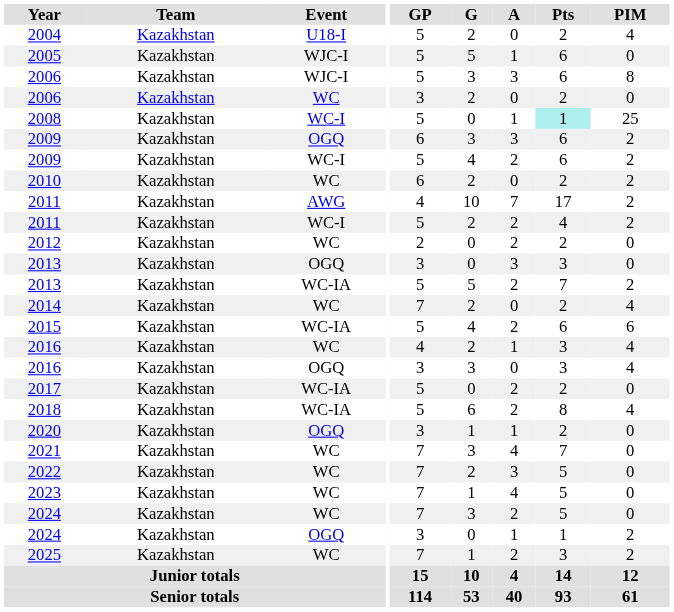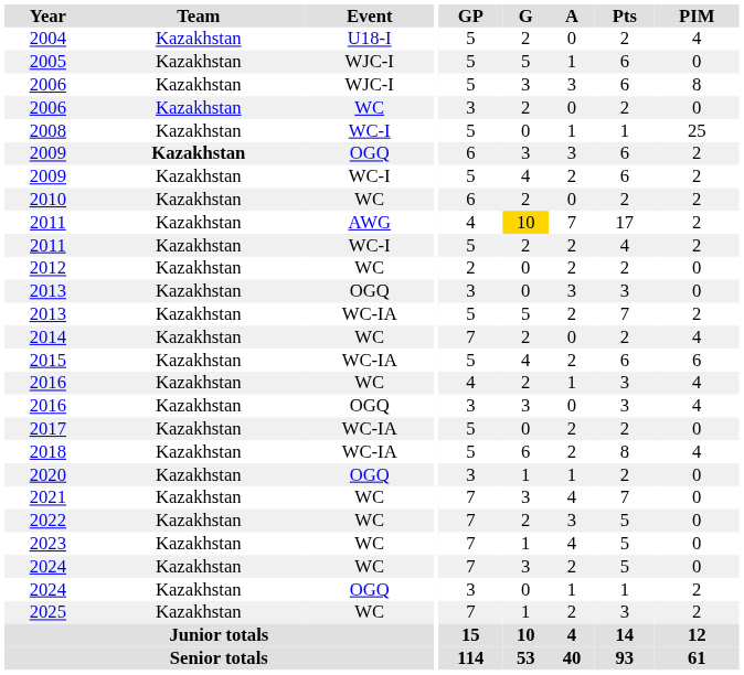 <table border="0" cellpadding="1" cellspacing="0" ID="Table3" style="text-align:center; width:40em">
 <tr ALIGN="center" bgcolor="#e0e0e0">
 <th>Year</th>
 <th>Team</th>
 <th>Event</th>
 <th rowspan="99" bgcolor="#fff"></th>
 <th>GP</th>
 <th>G</th>
 <th>A</th>
 <th>Pts</th>
 <th>PIM</th>
 </tr>
 <tr>
 <td><a href='#'>2004</a></td>
 <td><a href='#'>Kazakhstan</a></td>
 <td><a href='#'>U18-I</a></td>
 <td>5</td>
 <td>2</td>
 <td>0</td>
 <td>2</td>
 <td>4</td>
 </tr>
 <tr bgcolor="#f0f0f0">
 <td><a href='#'>2005</a></td>
 <td>Kazakhstan</td>
 <td>WJC-I</td>
 <td>5</td>
 <td>5</td>
 <td>1</td>
 <td>6</td>
 <td>0</td>
 </tr>
 <tr>
 <td><a href='#'>2006</a></td>
 <td>Kazakhstan</td>
 <td>WJC-I</td>
 <td>5</td>
 <td>3</td>
 <td>3</td>
 <td>6</td>
 <td>8</td>
 </tr>
 <tr bgcolor="#f0f0f0">
 <td><a href='#'>2006</a></td>
 <td><a href='#'>Kazakhstan</a></td>
 <td><a href='#'>WC</a></td>
 <td>3</td>
 <td>2</td>
 <td>0</td>
 <td>2</td>
 <td>0</td>
 </tr>
 <tr>
 <td><a href='#'>2008</a></td>
 <td>Kazakhstan</td>
 <td><a href='#'>WC-I</a></td>
 <td>5</td>
 <td>0</td>
 <td>1</td>
-<td style="background: paleturquoise;">1</td>
+<td>1</td>
 <td>25</td>
 </tr>
 <tr bgcolor="#f0f0f0">
 <td><a href='#'>2009</a></td>
-<td>Kazakhstan</td>
+<td><strong>Kazakhstan</strong></td>
 <td><a href='#'>OGQ</a></td>
 <td>6</td>
 <td>3</td>
 <td>3</td>
 <td>6</td>
 <td>2</td>
 </tr>
 <tr>
 <td><a href='#'>2009</a></td>
 <td>Kazakhstan</td>
 <td>WC-I</td>
 <td>5</td>
 <td>4</td>
 <td>2</td>
 <td>6</td>
 <td>2</td>
 </tr>
 <tr bgcolor="#f0f0f0">
 <td><a href='#'>2010</a></td>
 <td>Kazakhstan</td>
 <td>WC</td>
 <td>6</td>
 <td>2</td>
 <td>0</td>
 <td>2</td>
 <td>2</td>
 </tr>
 <tr>
 <td><a href='#'>2011</a></td>
 <td>Kazakhstan</td>
 <td><a href='#'>AWG</a></td>
 <td>4</td>
-<td>10</td>
+<td style="background: gold;">10</td>
 <td>7</td>
 <td>17</td>
 <td>2</td>
 </tr>
 <tr bgcolor="#f0f0f0">
 <td><a href='#'>2011</a></td>
 <td>Kazakhstan</td>
 <td>WC-I</td>
 <td>5</td>
 <td>2</td>
 <td>2</td>
 <td>4</td>
 <td>2</td>
 </tr>
 <tr>
 <td><a href='#'>2012</a></td>
 <td>Kazakhstan</td>
 <td>WC</td>
 <td>2</td>
 <td>0</td>
 <td>2</td>
 <td>2</td>
 <td>0</td>
 </tr>
 <tr bgcolor="#f0f0f0">
 <td><a href='#'>2013</a></td>
 <td>Kazakhstan</td>
 <td>OGQ</td>
 <td>3</td>
 <td>0</td>
 <td>3</td>
 <td>3</td>
 <td>0</td>
 </tr>
 <tr>
 <td><a href='#'>2013</a></td>
 <td>Kazakhstan</td>
 <td>WC-IA</td>
 <td>5</td>
 <td>5</td>
 <td>2</td>
 <td>7</td>
 <td>2</td>
 </tr>
 <tr bgcolor="#f0f0f0">
 <td><a href='#'>2014</a></td>
 <td>Kazakhstan</td>
 <td>WC</td>
 <td>7</td>
 <td>2</td>
 <td>0</td>
 <td>2</td>
 <td>4</td>
 </tr>
 <tr>
 <td><a href='#'>2015</a></td>
 <td>Kazakhstan</td>
 <td>WC-IA</td>
 <td>5</td>
 <td>4</td>
 <td>2</td>
 <td>6</td>
 <td>6</td>
 </tr>
 <tr bgcolor="#f0f0f0">
 <td><a href='#'>2016</a></td>
 <td>Kazakhstan</td>
 <td>WC</td>
 <td>4</td>
 <td>2</td>
 <td>1</td>
 <td>3</td>
 <td>4</td>
 </tr>
 <tr>
 <td><a href='#'>2016</a></td>
 <td>Kazakhstan</td>
 <td>OGQ</td>
 <td>3</td>
 <td>3</td>
 <td>0</td>
 <td>3</td>
 <td>4</td>
 </tr>
 <tr bgcolor="#f0f0f0">
 <td><a href='#'>2017</a></td>
 <td>Kazakhstan</td>
 <td>WC-IA</td>
 <td>5</td>
 <td>0</td>
 <td>2</td>
 <td>2</td>
 <td>0</td>
 </tr>
 <tr>
 <td><a href='#'>2018</a></td>
 <td>Kazakhstan</td>
 <td>WC-IA</td>
 <td>5</td>
 <td>6</td>
 <td>2</td>
 <td>8</td>
 <td>4</td>
 </tr>
 <tr bgcolor="#f0f0f0">
 <td><a href='#'>2020</a></td>
 <td>Kazakhstan</td>
 <td><a href='#'>OGQ</a></td>
 <td>3</td>
 <td>1</td>
 <td>1</td>
 <td>2</td>
 <td>0</td>
 </tr>
 <tr>
 <td><a href='#'>2021</a></td>
 <td>Kazakhstan</td>
 <td>WC</td>
 <td>7</td>
 <td>3</td>
 <td>4</td>
 <td>7</td>
 <td>0</td>
 </tr>
 <tr bgcolor="#f0f0f0">
 <td><a href='#'>2022</a></td>
 <td>Kazakhstan</td>
 <td>WC</td>
 <td>7</td>
 <td>2</td>
 <td>3</td>
 <td>5</td>
 <td>0</td>
 </tr>
 <tr>
 <td><a href='#'>2023</a></td>
 <td>Kazakhstan</td>
 <td>WC</td>
 <td>7</td>
 <td>1</td>
 <td>4</td>
 <td>5</td>
 <td>0</td>
 </tr>
 <tr bgcolor="#f0f0f0">
 <td><a href='#'>2024</a></td>
 <td>Kazakhstan</td>
 <td>WC</td>
 <td>7</td>
 <td>3</td>
 <td>2</td>
 <td>5</td>
 <td>0</td>
 </tr>
 <tr>
 <td><a href='#'>2024</a></td>
 <td>Kazakhstan</td>
 <td><a href='#'>OGQ</a></td>
 <td>3</td>
 <td>0</td>
 <td>1</td>
 <td>1</td>
 <td>2</td>
 </tr>
 <tr bgcolor="#f0f0f0">
 <td><a href='#'>2025</a></td>
 <td>Kazakhstan</td>
 <td>WC</td>
 <td>7</td>
 <td>1</td>
 <td>2</td>
 <td>3</td>
 <td>2</td>
 </tr>
 <tr style="text-align:center; background:#e0e0e0;">
 <th colspan=3>Junior totals</th>
 <th>15</th>
 <th>10</th>
 <th>4</th>
 <th>14</th>
 <th>12</th>
 </tr>
 <tr style="text-align:center; background:#e0e0e0;">
 <th colspan=3>Senior totals</th>
 <th>114</th>
 <th>53</th>
 <th>40</th>
 <th>93</th>
 <th>61</th>
 </tr>
 </table>
